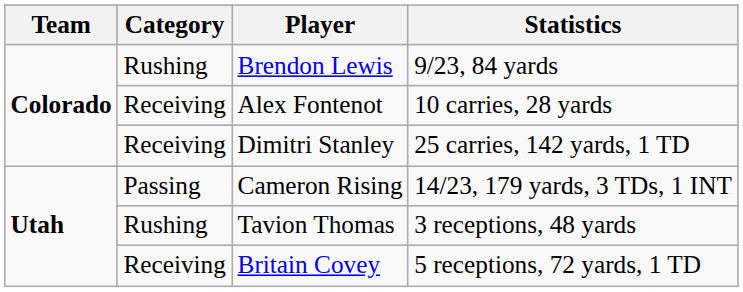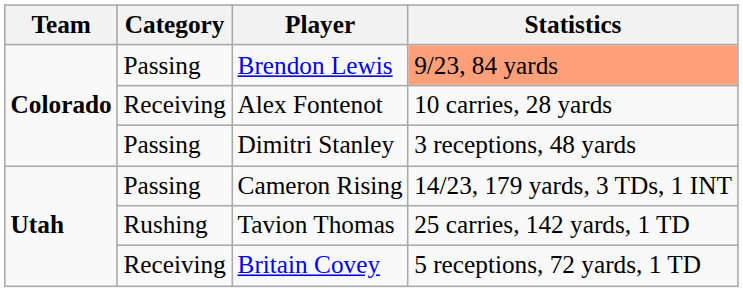 <table class="wikitable" style="float: left;">
 <tr>
 <th>Team</th>
 <th>Category</th>
 <th>Player</th>
 <th>Statistics</th>
 </tr>
 <tr>
 <td rowspan=3><strong>Colorado</strong></td>
-<td>Rushing</td>
+<td>Passing</td>
 <td><a href='#'>Brendon Lewis</a></td>
-<td>9/23, 84 yards</td>
+<td style="background: lightsalmon;">9/23, 84 yards</td>
 </tr>
 <tr>
 <td>Receiving</td>
 <td>Alex Fontenot</td>
 <td>10 carries, 28 yards</td>
 </tr>
 <tr>
-<td>Receiving</td>
+<td>Passing</td>
 <td>Dimitri Stanley</td>
-<td>25 carries, 142 yards, 1 TD</td>
+<td>3 receptions, 48 yards</td>
 </tr>
 <tr>
 <td rowspan=3><strong>Utah</strong></td>
 <td>Passing</td>
 <td>Cameron Rising</td>
 <td>14/23, 179 yards, 3 TDs, 1 INT</td>
 </tr>
 <tr>
 <td>Rushing</td>
 <td>Tavion Thomas</td>
-<td>3 receptions, 48 yards</td>
+<td>25 carries, 142 yards, 1 TD</td>
 </tr>
 <tr>
 <td>Receiving</td>
 <td><a href='#'>Britain Covey</a></td>
 <td>5 receptions, 72 yards, 1 TD</td>
 </tr>
 </table>
